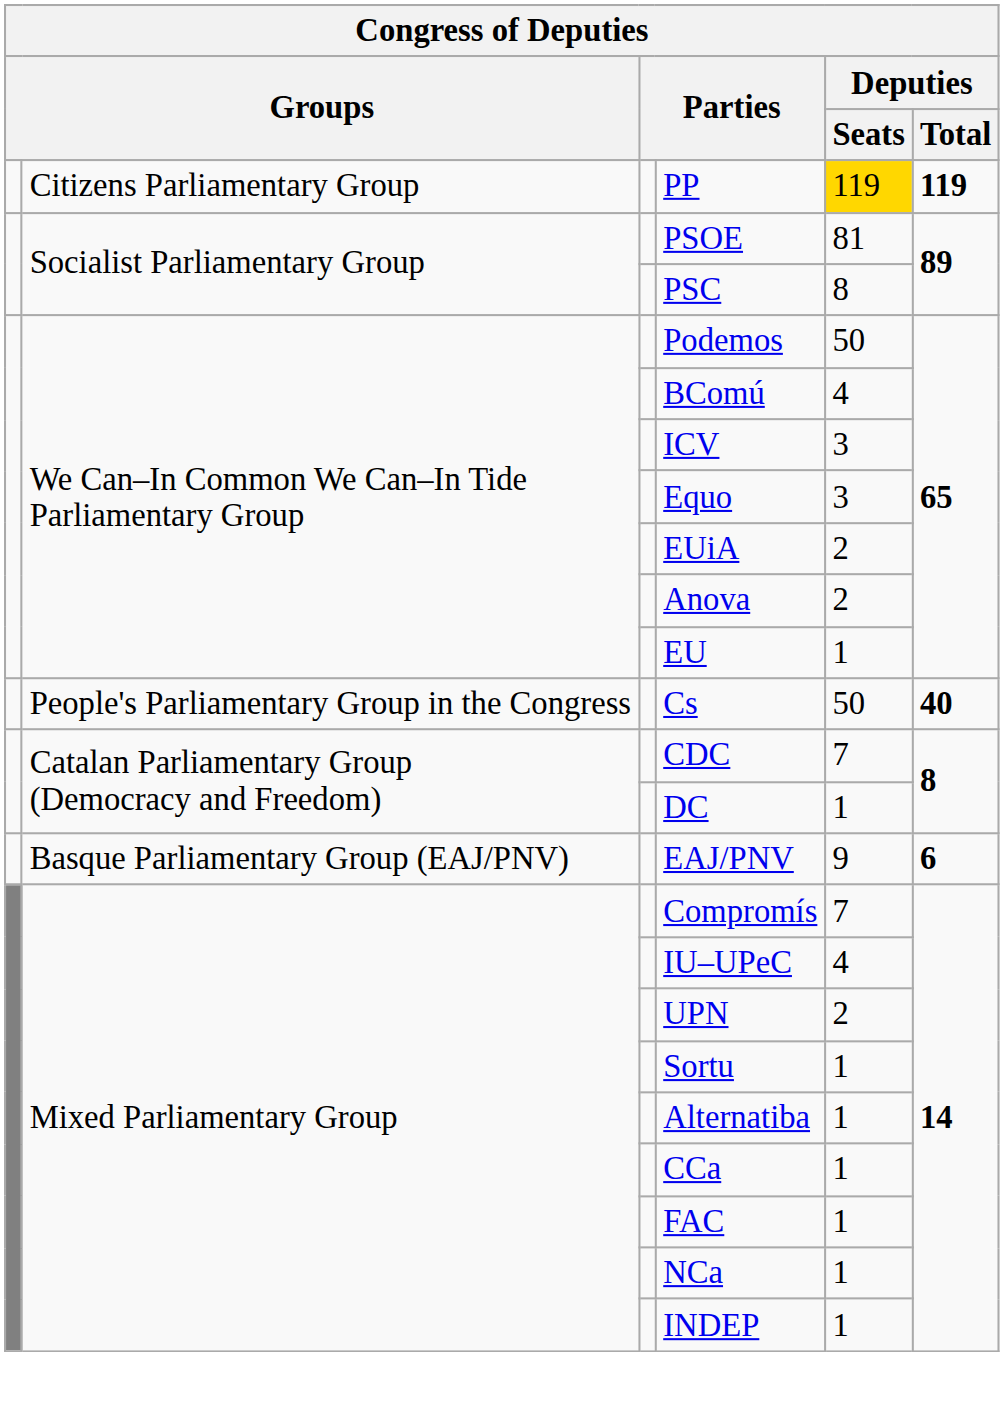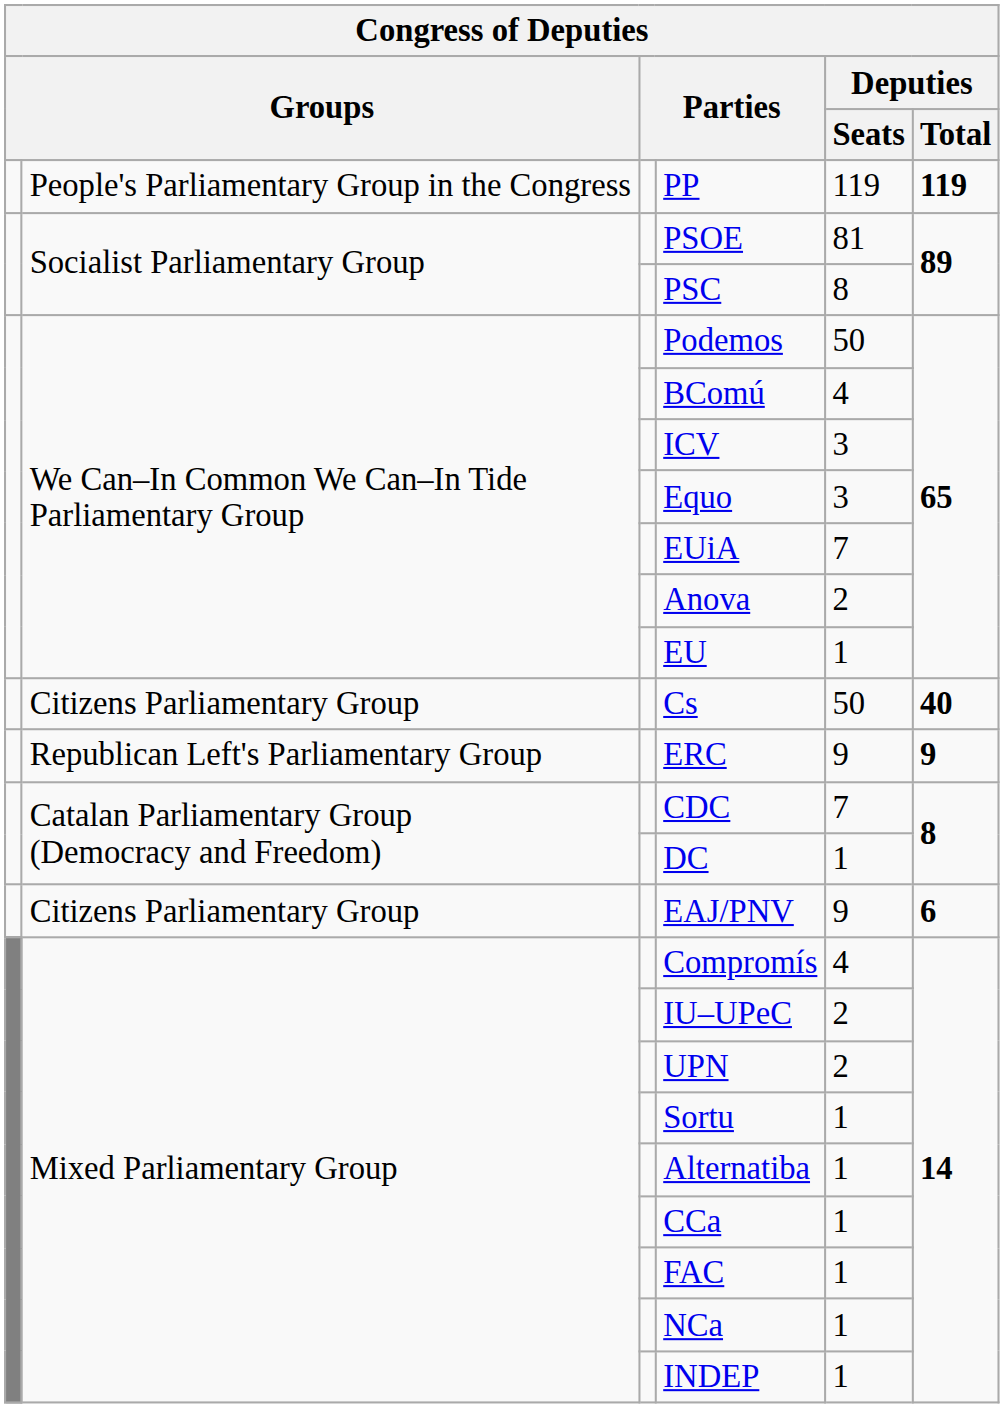 <table class="wikitable" style="text-align:left;">
 <tr>
 <th colspan="6">Congress of Deputies</th>
 </tr>
 <tr>
 <th rowspan="2" colspan="2">Groups</th>
 <th rowspan="2" colspan="2">Parties</th>
 <th colspan="2">Deputies</th>
 </tr>
 <tr>
 <th>Seats</th>
 <th>Total</th>
 </tr>
 <tr>
 <td width="1" style="color:inherit;background:"></td>
-<td>Citizens Parliamentary Group</td>
+<td>People's Parliamentary Group in the Congress</td>
 <td width="1" style="color:inherit;background:"></td>
 <td><a href='#'>PP</a></td>
-<td style="background: gold;">119</td>
+<td>119</td>
 <td><strong>119</strong></td>
 </tr>
 <tr>
 <td rowspan="2" style="color:inherit;background:"></td>
 <td rowspan="2">Socialist Parliamentary Group</td>
 <td style="color:inherit;background:"></td>
 <td><a href='#'>PSOE</a></td>
 <td>81</td>
 <td rowspan="2"><strong>89</strong></td>
 </tr>
 <tr>
 <td style="color:inherit;background:"></td>
 <td><a href='#'>PSC</a></td>
 <td>8</td>
 </tr>
 <tr>
 <td rowspan="7" style="color:inherit;background:"></td>
 <td rowspan="7">We Can–In Common We Can–In Tide<br>Parliamentary Group</td>
 <td style="color:inherit;background:"></td>
 <td><a href='#'>Podemos</a></td>
 <td>50</td>
 <td rowspan="7"><strong>65</strong></td>
 </tr>
 <tr>
 <td style="color:inherit;background:"></td>
 <td><a href='#'>BComú</a></td>
 <td>4</td>
 </tr>
 <tr>
 <td style="color:inherit;background:"></td>
 <td><a href='#'>ICV</a></td>
 <td>3</td>
 </tr>
 <tr>
 <td style="color:inherit;background:"></td>
 <td><a href='#'>Equo</a></td>
 <td>3</td>
 </tr>
 <tr>
 <td style="color:inherit;background:"></td>
 <td><a href='#'>EUiA</a></td>
-<td>2</td>
+<td>7</td>
 </tr>
 <tr>
 <td style="color:inherit;background:"></td>
 <td><a href='#'>Anova</a></td>
 <td>2</td>
 </tr>
 <tr>
 <td style="color:inherit;background:"></td>
 <td><a href='#'>EU</a></td>
 <td>1</td>
 </tr>
 <tr>
 <td style="color:inherit;background:"></td>
-<td>People's Parliamentary Group in the Congress</td>
+<td>Citizens Parliamentary Group</td>
 <td style="color:inherit;background:"></td>
 <td><a href='#'>Cs</a></td>
 <td>50</td>
 <td><strong>40</strong></td>
+</tr>
+<tr>
+<td style="color:inherit;background:"></td>
+<td>Republican Left's Parliamentary Group</td>
+<td style="color:inherit;background:"></td>
+<td><a href='#'>ERC</a></td>
+<td>9</td>
+<td><strong>9</strong></td>
 </tr>
 <tr>
 <td rowspan="2" style="color:inherit;background:"></td>
 <td rowspan="2">Catalan Parliamentary Group<br>(Democracy and Freedom)</td>
 <td style="color:inherit;background:"></td>
 <td><a href='#'>CDC</a></td>
 <td>7</td>
 <td rowspan="2"><strong>8</strong></td>
 </tr>
 <tr>
 <td style="color:inherit;background:"></td>
 <td><a href='#'>DC</a></td>
 <td>1</td>
 </tr>
 <tr>
 <td style="color:inherit;background:"></td>
-<td>Basque Parliamentary Group (EAJ/PNV)</td>
+<td>Citizens Parliamentary Group</td>
 <td style="color:inherit;background:"></td>
 <td><a href='#'>EAJ/PNV</a></td>
 <td>9</td>
 <td><strong>6</strong></td>
 </tr>
 <tr>
 <td rowspan="9" bgcolor="gray"></td>
 <td rowspan="9">Mixed Parliamentary Group</td>
 <td style="color:inherit;background:"></td>
 <td><a href='#'>Compromís</a></td>
-<td>7</td>
+<td>4</td>
 <td rowspan="9"><strong>14</strong></td>
 </tr>
 <tr>
 <td style="color:inherit;background:"></td>
 <td><a href='#'>IU–UPeC</a></td>
-<td>4</td>
+<td>2</td>
 </tr>
 <tr>
 <td style="color:inherit;background:"></td>
 <td><a href='#'>UPN</a></td>
 <td>2</td>
 </tr>
 <tr>
 <td style="color:inherit;background:"></td>
 <td><a href='#'>Sortu</a></td>
 <td>1</td>
 </tr>
 <tr>
 <td style="color:inherit;background:"></td>
 <td><a href='#'>Alternatiba</a></td>
 <td>1</td>
 </tr>
 <tr>
 <td style="color:inherit;background:"></td>
 <td><a href='#'>CCa</a></td>
 <td>1</td>
 </tr>
 <tr>
 <td style="color:inherit;background:"></td>
 <td><a href='#'>FAC</a></td>
 <td>1</td>
 </tr>
 <tr>
 <td style="color:inherit;background:"></td>
 <td><a href='#'>NCa</a></td>
 <td>1</td>
 </tr>
 <tr>
 <td style="color:inherit;background:"></td>
 <td><a href='#'>INDEP</a></td>
 <td>1</td>
 </tr>
 </table>
